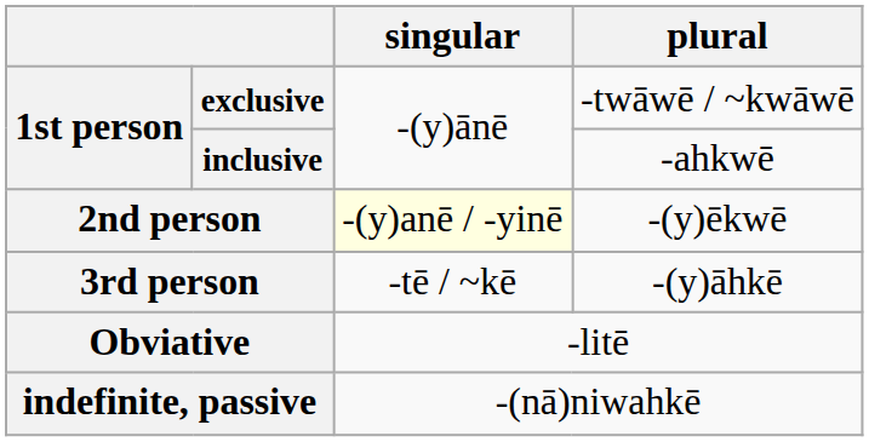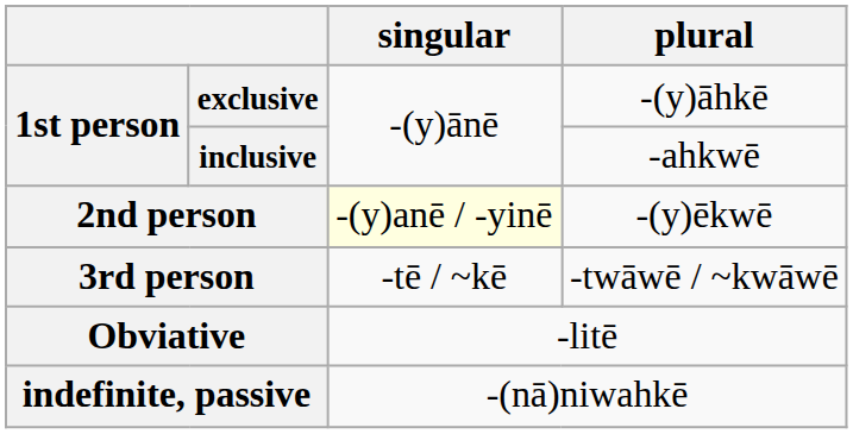 <table class="wikitable" style="text-align:center;">
 <tr>
 <th colspan="2"></th>
 <th>singular</th>
 <th>plural</th>
 </tr>
 <tr>
 <th rowspan="2">1st person</th>
 <th><small>exclusive</small></th>
 <td rowspan="2">-(y)ānē</td>
-<td>-twāwē / ~kwāwē</td>
+<td>-(y)āhkē</td>
 </tr>
 <tr>
 <th><small>inclusive</small></th>
 <td>-ahkwē</td>
 </tr>
 <tr>
 <th colspan="2">2nd person</th>
 <td style="background: lightyellow;">-(y)anē / -yinē</td>
 <td>-(y)ēkwē</td>
 </tr>
 <tr>
 <th colspan="2">3rd person</th>
 <td>-tē / ~kē</td>
-<td>-(y)āhkē</td>
+<td>-twāwē / ~kwāwē</td>
 </tr>
 <tr>
 <th colspan="2">Obviative</th>
 <td colspan="2">-litē</td>
 </tr>
 <tr>
 <th colspan="2">indefinite, passive</th>
 <td colspan="2">-(nā)niwahkē</td>
 </tr>
 </table>
